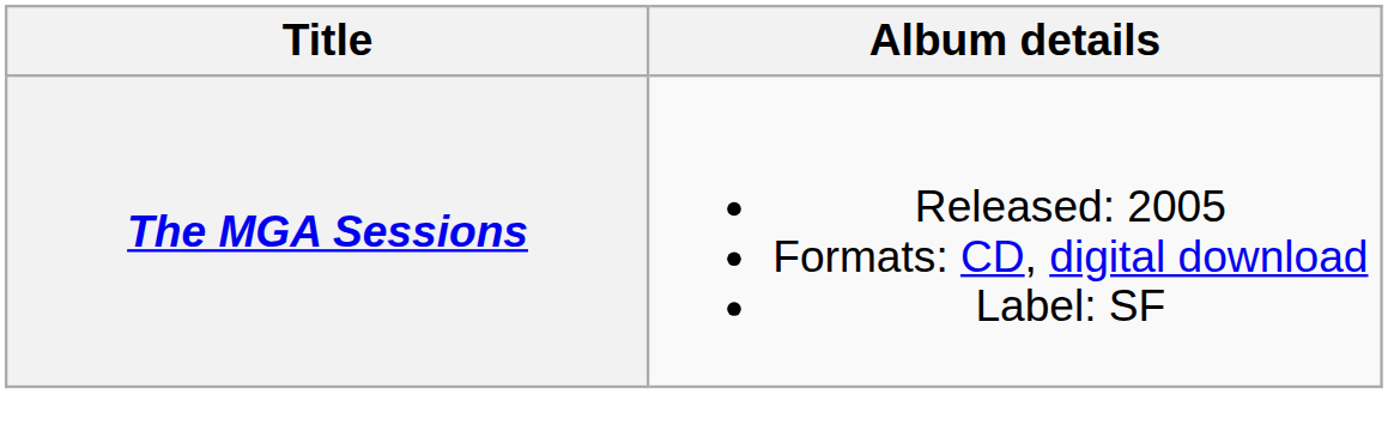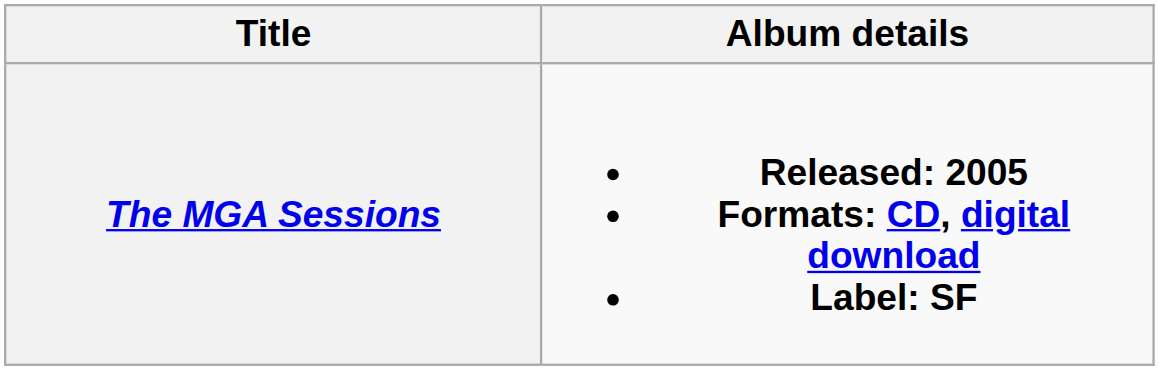 <table class="wikitable plainrowheaders" style="text-align:center;">
 <tr>
 <th scope="col" style="width:14em;">Title</th>
 <th scope="col" style="width:16em;">Album details</th>
 </tr>
 <tr>
 <th scope="row"><em><a href='#'>The MGA Sessions</a></em></th>
-<td><br><ul><li>Released: 2005</li><li>Formats: <a href='#'>CD</a>, <a href='#'>digital download</a></li><li>Label: SF</li></ul></td>
+<td><strong><br><ul><li>Released: 2005</li><li>Formats: <a href='#'>CD</a>, <a href='#'>digital download</a></li><li>Label: SF</li></ul></strong></td>
 </tr>
 </table>
